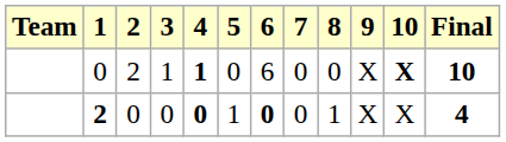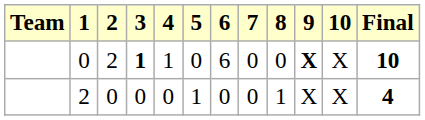 <table class="wikitable" style="text-align:center">
 <tr style="background:#ffc; font-weight:bold;">
 <td>Team</td>
 <td style="width:12px;">1</td>
 <td style="width:12px;">2</td>
 <td style="width:12px;">3</td>
 <td style="width:12px;">4</td>
 <td style="width:12px;">5</td>
 <td style="width:12px;">6</td>
 <td style="width:12px;">7</td>
 <td style="width:12px;">8</td>
 <td style="width:12px;">9</td>
 <td style="width:12px;">10</td>
 <td style="width:12px;">Final</td>
 </tr>
 <tr style="background:#fff;">
 <td align="left" nowrap></td>
 <td>0</td>
 <td>2</td>
+<td><strong>1</strong></td>
 <td>1</td>
-<td><strong>1</strong></td>
 <td>0</td>
 <td>6</td>
 <td>0</td>
 <td>0</td>
+<td><strong>X</strong></td>
 <td>X</td>
-<td><strong>X</strong></td>
 <td><strong>10</strong></td>
 </tr>
 <tr style="background:#fff;">
 <td align="left" nowrap></td>
-<td><strong>2</strong></td>
+<td>2</td>
 <td>0</td>
 <td>0</td>
-<td><strong>0</strong></td>
+<td>0</td>
 <td>1</td>
-<td><strong>0</strong></td>
+<td>0</td>
 <td>0</td>
 <td>1</td>
 <td>X</td>
 <td>X</td>
 <td><strong>4</strong></td>
 </tr>
 </table>
